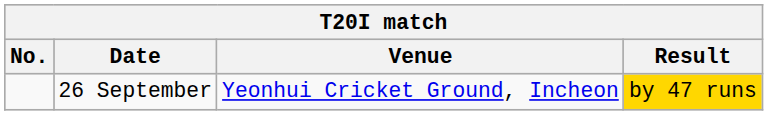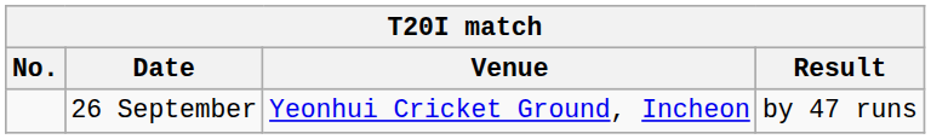 <table class="wikitable">
 <tr>
 <th colspan="4">T20I match</th>
 </tr>
 <tr>
 <th>No.</th>
 <th>Date</th>
 <th>Venue</th>
 <th>Result</th>
 </tr>
 <tr>
 <td></td>
 <td>26 September</td>
 <td><a href='#'>Yeonhui Cricket Ground</a>, <a href='#'>Incheon</a></td>
-<td style="background: gold;"> by 47 runs</td>
+<td> by 47 runs</td>
 </tr>
 </table>
